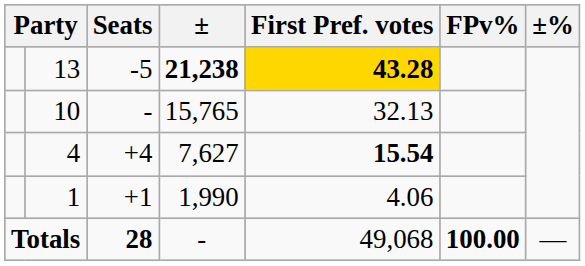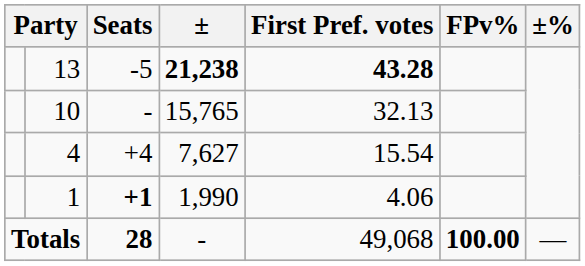 <table class=wikitable>
 <tr>
 <th colspan=2 align=center>Party</th>
 <th valign=top>Seats</th>
 <th valign=top>±</th>
 <th valign=top>First Pref. votes</th>
 <th valign=top>FPv%</th>
 <th valign=top>±%</th>
 </tr>
 <tr>
 <td></td>
 <td align=right>13</td>
 <td align=right>-5</td>
 <td align=right><strong>21,238</strong></td>
-<td align=right style="background: gold;"><strong>43.28</strong></td>
+<td align=right><strong>43.28</strong></td>
 <td align=right></td>
 </tr>
 <tr>
 <td></td>
 <td align=right>10</td>
 <td align=right>-</td>
 <td align=right>15,765</td>
 <td align=right>32.13</td>
 <td align=right></td>
 </tr>
 <tr>
 <td></td>
 <td align=right>4</td>
 <td align=right>+4</td>
 <td align=right>7,627</td>
-<td align=right><strong>15.54</strong></td>
+<td align=right>15.54</td>
 <td align=right></td>
 </tr>
 <tr>
 <td></td>
 <td align=right>1</td>
-<td align=right>+1</td>
+<td align=right><strong>+1</strong></td>
 <td align=right>1,990</td>
 <td align=right>4.06</td>
 <td align=right></td>
 </tr>
 <tr>
 <td colspan=2 align=center><strong>Totals</strong></td>
 <td align=right><strong>28</strong></td>
 <td align=center>-</td>
 <td align=right>49,068</td>
 <td align=center><strong>100.00</strong></td>
 <td align=center>—</td>
 </tr>
 </table>
